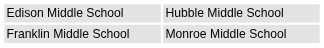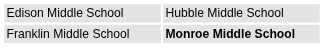 <table border="0" cellspacing="3" cellpadding="3">
 <tr style="background: #e3e3e3;">
 <td width="200">Edison Middle School</td>
 <td width="200">Hubble Middle School</td>
 </tr>
 <tr style="background: #e3e3e3;">
 <td>Franklin Middle School</td>
-<td>Monroe Middle School</td>
+<td><strong>Monroe Middle School</strong></td>
 </tr>
 </table>
